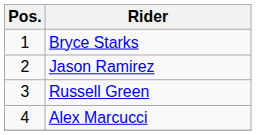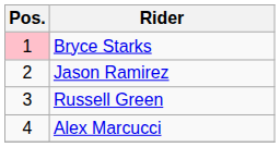 <table class=wikitable>
 <tr>
 <th width=25px>Pos.</th>
 <th width=200px>Rider</th>
 </tr>
 <tr align=center >
-<td>1</td>
+<td style="background: pink;">1</td>
 <td align=left> <a href='#'>Bryce Starks</a></td>
 </tr>
 <tr align=center>
 <td>2</td>
 <td align=left> <a href='#'>Jason Ramirez</a></td>
 </tr>
 <tr align=center>
 <td>3</td>
 <td align=left> <a href='#'>Russell Green</a></td>
 </tr>
 <tr align=center>
 <td>4</td>
 <td align=left> <a href='#'>Alex Marcucci</a></td>
 </tr>
 <tr align=center>
 </tr>
 </table>
